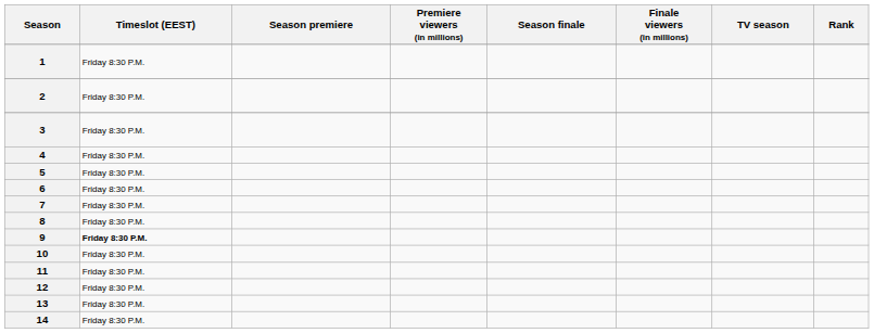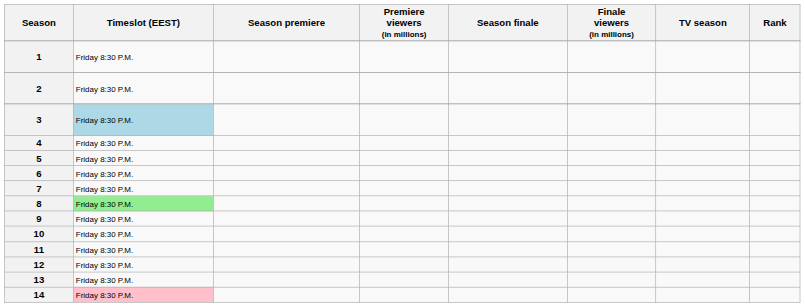 <table class="wikitable"  style="font-size:95%; width:100%;">
 <tr>
 <th>Season</th>
 <th>Timeslot (EEST)</th>
 <th>Season premiere</th>
 <th>Premiere<br>viewers<br><small>(in millions)</small></th>
 <th>Season finale</th>
 <th>Finale<br>viewers<br><small>(in millions)</small></th>
 <th>TV season</th>
 <th>Rank</th>
 </tr>
 <tr>
 </tr>
 <tr style="height:50px;">
 <th>1</th>
 <td style="text-align:left"><small>Friday 8:30 P.M.</small></td>
 <td></td>
 <td></td>
 <td></td>
 <td></td>
 <td></td>
 <td></td>
 </tr>
 <tr>
 </tr>
 <tr style="height:50px;">
 <th>2</th>
 <td style="text-align:left"><small>Friday 8:30 P.M.</small></td>
 <td></td>
 <td></td>
 <td></td>
 <td></td>
 <td></td>
 <td></td>
 </tr>
 <tr>
 </tr>
 <tr style="height:50px;">
 <th>3</th>
-<td><small>Friday 8:30 P.M.</small></td>
+<td style="background: lightblue;"><small>Friday 8:30 P.M.</small></td>
 <td></td>
 <td></td>
 <td></td>
 <td></td>
 <td></td>
 <td></td>
 </tr>
 <tr>
 <th>4</th>
 <td><small>Friday 8:30 P.M.</small></td>
 <td></td>
 <td></td>
 <td></td>
 <td></td>
 <td></td>
 <td></td>
 </tr>
 <tr>
 <th>5</th>
 <td><small>Friday 8:30 P.M.</small></td>
 <td></td>
 <td></td>
 <td></td>
 <td></td>
 <td></td>
 <td></td>
 </tr>
 <tr>
 <th>6</th>
 <td><small>Friday 8:30 P.M.</small></td>
 <td></td>
 <td></td>
 <td></td>
 <td></td>
 <td></td>
 <td></td>
 </tr>
 <tr>
 <th>7</th>
 <td><small>Friday 8:30 P.M.</small></td>
 <td></td>
 <td></td>
 <td></td>
 <td></td>
 <td></td>
 <td></td>
 </tr>
 <tr>
 <th>8</th>
-<td><small>Friday 8:30 P.M.</small></td>
+<td style="background: lightgreen;"><small>Friday 8:30 P.M.</small></td>
 <td></td>
 <td></td>
 <td></td>
 <td></td>
 <td></td>
 <td></td>
 </tr>
 <tr>
 <th>9</th>
-<td><strong><small>Friday 8:30 P.M.</small></strong></td>
+<td><small>Friday 8:30 P.M.</small></td>
 <td></td>
 <td></td>
 <td></td>
 <td></td>
 <td></td>
 <td></td>
 </tr>
 <tr>
 <th>10</th>
 <td><small>Friday 8:30 P.M.</small></td>
 <td></td>
 <td></td>
 <td></td>
 <td></td>
 <td></td>
 <td></td>
 </tr>
 <tr>
 <th>11</th>
 <td><small>Friday 8:30 P.M.</small></td>
 <td></td>
 <td></td>
 <td></td>
 <td></td>
 <td></td>
 <td></td>
 </tr>
 <tr>
 <th>12</th>
 <td><small>Friday 8:30 P.M.</small></td>
 <td></td>
 <td></td>
 <td></td>
 <td></td>
 <td></td>
 <td></td>
 </tr>
 <tr>
 <th>13</th>
 <td><small>Friday 8:30 P.M.</small></td>
 <td></td>
 <td></td>
 <td></td>
 <td></td>
 <td></td>
 <td></td>
 </tr>
 <tr>
 <th>14</th>
-<td><small>Friday 8:30 P.M.</small></td>
+<td style="background: pink;"><small>Friday 8:30 P.M.</small></td>
 <td></td>
 <td></td>
 <td></td>
 <td></td>
 <td></td>
 <td></td>
 </tr>
 </table>
